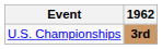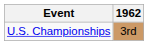 <table class="wikitable">
 <tr>
 <th>Event</th>
 <th>1962</th>
 </tr>
 <tr>
 <td><a href='#'>U.S. Championships</a></td>
-<td align="center" bgcolor="cc9966"><strong>3rd</strong></td>
+<td align="center" bgcolor="cc9966">3rd</td>
 </tr>
 </table>
